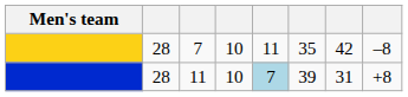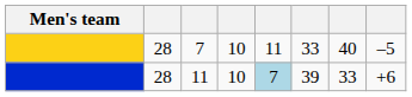 <table class="wikitable" style="width:40%; text-align:center">
 <tr>
 <th>Men's team</th>
 <th></th>
 <th></th>
 <th></th>
 <th></th>
 <th></th>
 <th></th>
 <th></th>
 </tr>
 <tr>
 <td style="background:#fcd116; text-align:left;"><strong><span></span></strong></td>
 <td>28</td>
 <td>7</td>
 <td>10</td>
 <td>11</td>
-<td>35</td>
-<td>42</td>
-<td>–8</td>
+<td>33</td>
+<td>40</td>
+<td>–5</td>
 </tr>
 <tr>
 <td style="background:#0029cf; text-align:left;"><strong><span></span></strong></td>
 <td>28</td>
 <td>11</td>
 <td>10</td>
 <td style="background: lightblue;">7</td>
 <td>39</td>
-<td>31</td>
-<td>+8</td>
+<td>33</td>
+<td>+6</td>
 </tr>
 </table>
